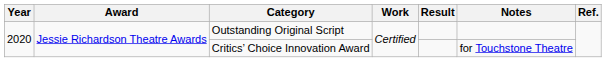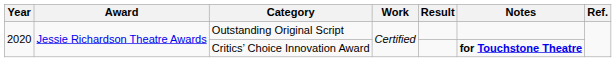 <table class="wikitable">
 <tr>
 <th>Year</th>
 <th>Award</th>
 <th>Category</th>
 <th>Work</th>
 <th>Result</th>
 <th>Notes</th>
 <th>Ref.</th>
 </tr>
 <tr>
 <td rowspan="2">2020</td>
 <td rowspan="2"><a href='#'>Jessie Richardson Theatre Awards</a></td>
 <td>Outstanding Original Script</td>
 <td rowspan="2"><em>Certified</em></td>
 <td></td>
 <td></td>
 <td rowspan="2"></td>
 </tr>
 <tr>
 <td>Critics’ Choice Innovation Award</td>
 <td></td>
-<td>for <a href='#'>Touchstone Theatre</a></td>
+<td><strong>for <a href='#'>Touchstone Theatre</a></strong></td>
 </tr>
 </table>
